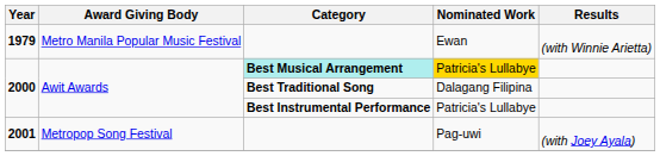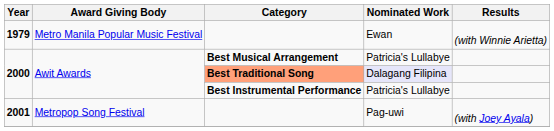 <table class="wikitable">
 <tr>
 <th>Year</th>
 <th>Award Giving Body</th>
 <th>Category</th>
 <th>Nominated Work</th>
 <th>Results</th>
 </tr>
 <tr>
 <td><strong>1979</strong></td>
 <td><a href='#'>Metro Manila Popular Music Festival</a></td>
 <td></td>
 <td>Ewan</td>
 <td><br><em>(with Winnie Arietta)</em></td>
 </tr>
 <tr>
 <td rowspan=3><strong>2000</strong></td>
 <td rowspan=3><a href='#'>Awit Awards</a></td>
-<td style="background: paleturquoise;"><strong>Best Musical Arrangement</strong></td>
-<td style="background: gold;">Patricia's Lullabye</td>
+<td><strong>Best Musical Arrangement</strong></td>
+<td>Patricia's Lullabye</td>
 <td></td>
 </tr>
 <tr>
-<td><strong>Best Traditional Song</strong></td>
-<td>Dalagang Filipina</td>
+<td style="background: lightsalmon;"><strong>Best Traditional Song</strong></td>
+<td style="background: lavender;">Dalagang Filipina</td>
 <td></td>
 </tr>
 <tr>
 <td><strong>Best Instrumental Performance</strong></td>
 <td>Patricia's Lullabye</td>
 <td></td>
 </tr>
 <tr>
 <td><strong>2001</strong></td>
 <td><a href='#'>Metropop Song Festival</a></td>
 <td></td>
 <td>Pag-uwi</td>
 <td><br><em>(with <a href='#'>Joey Ayala</a>)</em></td>
 </tr>
 <tr>
 </tr>
 </table>
